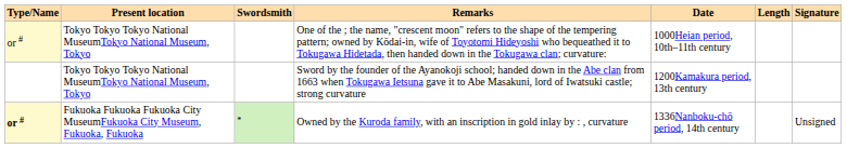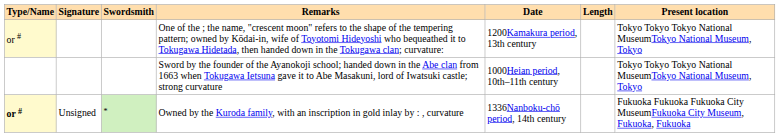 <table class="wikitable" style="width:100%; background:#fff;">
 <tr>
 <th style="background:#ffdead;">Type/Name</th>
-<th style="background:#ffdead;">Present location</th>
+<th style="background:#ffdead;">Signature</th>
 <th style="background:#ffdead;">Swordsmith</th>
 <th style="background:#ffdead;">Remarks</th>
 <th style="background:#ffdead;">Date</th>
 <th style="background:#ffdead;">Length</th>
-<th style="background:#ffdead;">Signature</th>
+<th style="background:#ffdead;">Present location</th>
 </tr>
 <tr>
 <td style="background:LemonChiffon;"> or <sup>#</sup></td>
-<td><span>Tokyo Tokyo Tokyo National Museum</span><a href='#'>Tokyo National Museum</a>, <a href='#'>Tokyo</a></td>
+<td></td>
 <td></td>
 <td>One of the ; the name, "crescent moon" refers to the shape of the tempering pattern; owned by Kōdai-in, wife of <a href='#'>Toyotomi Hideyoshi</a> who bequeathed it to <a href='#'>Tokugawa Hidetada</a>, then handed down in the <a href='#'>Tokugawa clan</a>; curvature: </td>
-<td><span>1000</span><a href='#'>Heian period</a>, 10th–11th century</td>
+<td><span>1200</span><a href='#'>Kamakura period</a>, 13th century</td>
 <td></td>
-<td></td>
+<td><span>Tokyo Tokyo Tokyo National Museum</span><a href='#'>Tokyo National Museum</a>, <a href='#'>Tokyo</a></td>
 </tr>
 <tr>
 <td></td>
-<td><span>Tokyo Tokyo Tokyo National Museum</span><a href='#'>Tokyo National Museum</a>, <a href='#'>Tokyo</a></td>
+<td></td>
 <td></td>
 <td>Sword by the founder of the Ayanokoji school; handed down in the <a href='#'>Abe clan</a> from 1663 when <a href='#'>Tokugawa Ietsuna</a> gave it to Abe Masakuni, lord of Iwatsuki castle; strong curvature </td>
-<td><span>1200</span><a href='#'>Kamakura period</a>, 13th century</td>
+<td><span>1000</span><a href='#'>Heian period</a>, 10th–11th century</td>
 <td></td>
-<td></td>
+<td><span>Tokyo Tokyo Tokyo National Museum</span><a href='#'>Tokyo National Museum</a>, <a href='#'>Tokyo</a></td>
 </tr>
 <tr>
 <td style="background:LemonChiffon;"><strong> or <sup>#</sup></strong></td>
-<td><span>Fukuoka Fukuoka Fukuoka City Museum</span><a href='#'>Fukuoka City Museum</a>, <a href='#'>Fukuoka</a>, <a href='#'>Fukuoka</a></td>
+<td>Unsigned</td>
 <td style="background:#d0f0c0;"><sup>*</sup></td>
 <td>Owned by the <a href='#'>Kuroda family</a>, with an inscription in gold inlay by : , curvature </td>
 <td><span>1336</span><a href='#'>Nanboku-chō period</a>, 14th century</td>
 <td></td>
-<td>Unsigned</td>
+<td><span>Fukuoka Fukuoka Fukuoka City Museum</span><a href='#'>Fukuoka City Museum</a>, <a href='#'>Fukuoka</a>, <a href='#'>Fukuoka</a></td>
 </tr>
 </table>
